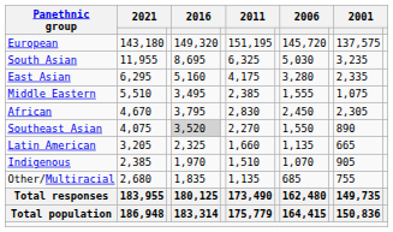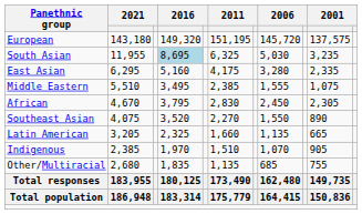 <table class="wikitable collapsible sortable">
 <tr>
 <th rowspan="2"><a href='#'>Panethnic</a><br>group</th>
 <th colspan="2">2021</th>
 <th colspan="2">2016</th>
 <th colspan="2">2011</th>
 <th colspan="2">2006</th>
 <th colspan="2">2001</th>
 </tr>
 <tr>
 <th><a href='#'></a></th>
 <th></th>
 <th></th>
 <th></th>
 <th></th>
 <th></th>
 <th></th>
 <th></th>
 <th></th>
 <th></th>
 </tr>
 <tr>
 <td><a href='#'>European</a></td>
 <td>143,180</td>
 <td></td>
 <td>149,320</td>
 <td></td>
 <td>151,195</td>
 <td></td>
 <td>145,720</td>
 <td></td>
 <td>137,575</td>
 <td></td>
 </tr>
 <tr>
 <td><a href='#'>South Asian</a></td>
 <td>11,955</td>
 <td></td>
-<td>8,695</td>
+<td style="background: lightblue;">8,695</td>
 <td></td>
 <td>6,325</td>
 <td></td>
 <td>5,030</td>
 <td></td>
 <td>3,235</td>
 <td></td>
 </tr>
 <tr>
 <td><a href='#'>East Asian</a></td>
 <td>6,295</td>
 <td></td>
 <td>5,160</td>
 <td></td>
 <td>4,175</td>
 <td></td>
 <td>3,280</td>
 <td></td>
 <td>2,335</td>
 <td></td>
 </tr>
 <tr>
 <td><a href='#'>Middle Eastern</a></td>
 <td>5,510</td>
 <td></td>
 <td>3,495</td>
 <td></td>
 <td>2,385</td>
 <td></td>
 <td>1,555</td>
 <td></td>
 <td>1,075</td>
 <td></td>
 </tr>
 <tr>
 <td><a href='#'>African</a></td>
 <td>4,670</td>
 <td></td>
 <td>3,795</td>
 <td></td>
 <td>2,830</td>
 <td></td>
 <td>2,450</td>
 <td></td>
 <td>2,305</td>
 <td></td>
 </tr>
 <tr>
 <td><a href='#'>Southeast Asian</a></td>
 <td>4,075</td>
 <td></td>
-<td style="background: lightgrey;">3,520</td>
+<td>3,520</td>
 <td></td>
 <td>2,270</td>
 <td></td>
 <td>1,550</td>
 <td></td>
 <td>890</td>
 <td></td>
 </tr>
 <tr>
 <td><a href='#'>Latin American</a></td>
 <td>3,205</td>
 <td></td>
 <td>2,325</td>
 <td></td>
 <td>1,660</td>
 <td></td>
 <td>1,135</td>
 <td></td>
 <td>665</td>
 <td></td>
 </tr>
 <tr>
 <td><a href='#'>Indigenous</a></td>
 <td>2,385</td>
 <td></td>
 <td>1,970</td>
 <td></td>
 <td>1,510</td>
 <td></td>
 <td>1,070</td>
 <td></td>
 <td>905</td>
 <td></td>
 </tr>
 <tr>
 <td>Other/<a href='#'>Multiracial</a></td>
 <td>2,680</td>
 <td></td>
 <td>1,835</td>
 <td></td>
 <td>1,135</td>
 <td></td>
 <td>685</td>
 <td></td>
 <td>755</td>
 <td></td>
 </tr>
 <tr>
 <th>Total responses</th>
 <th>183,955</th>
 <th></th>
 <th>180,125</th>
 <th></th>
 <th>173,490</th>
 <th></th>
 <th>162,480</th>
 <th></th>
 <th>149,735</th>
 <th></th>
 </tr>
 <tr>
 <th>Total population</th>
 <th>186,948</th>
 <th></th>
 <th>183,314</th>
 <th></th>
 <th>175,779</th>
 <th></th>
 <th>164,415</th>
 <th></th>
 <th>150,836</th>
 <th></th>
 </tr>
 <tr class="sortbottom">
 <td colspan="15"></td>
 </tr>
 </table>
